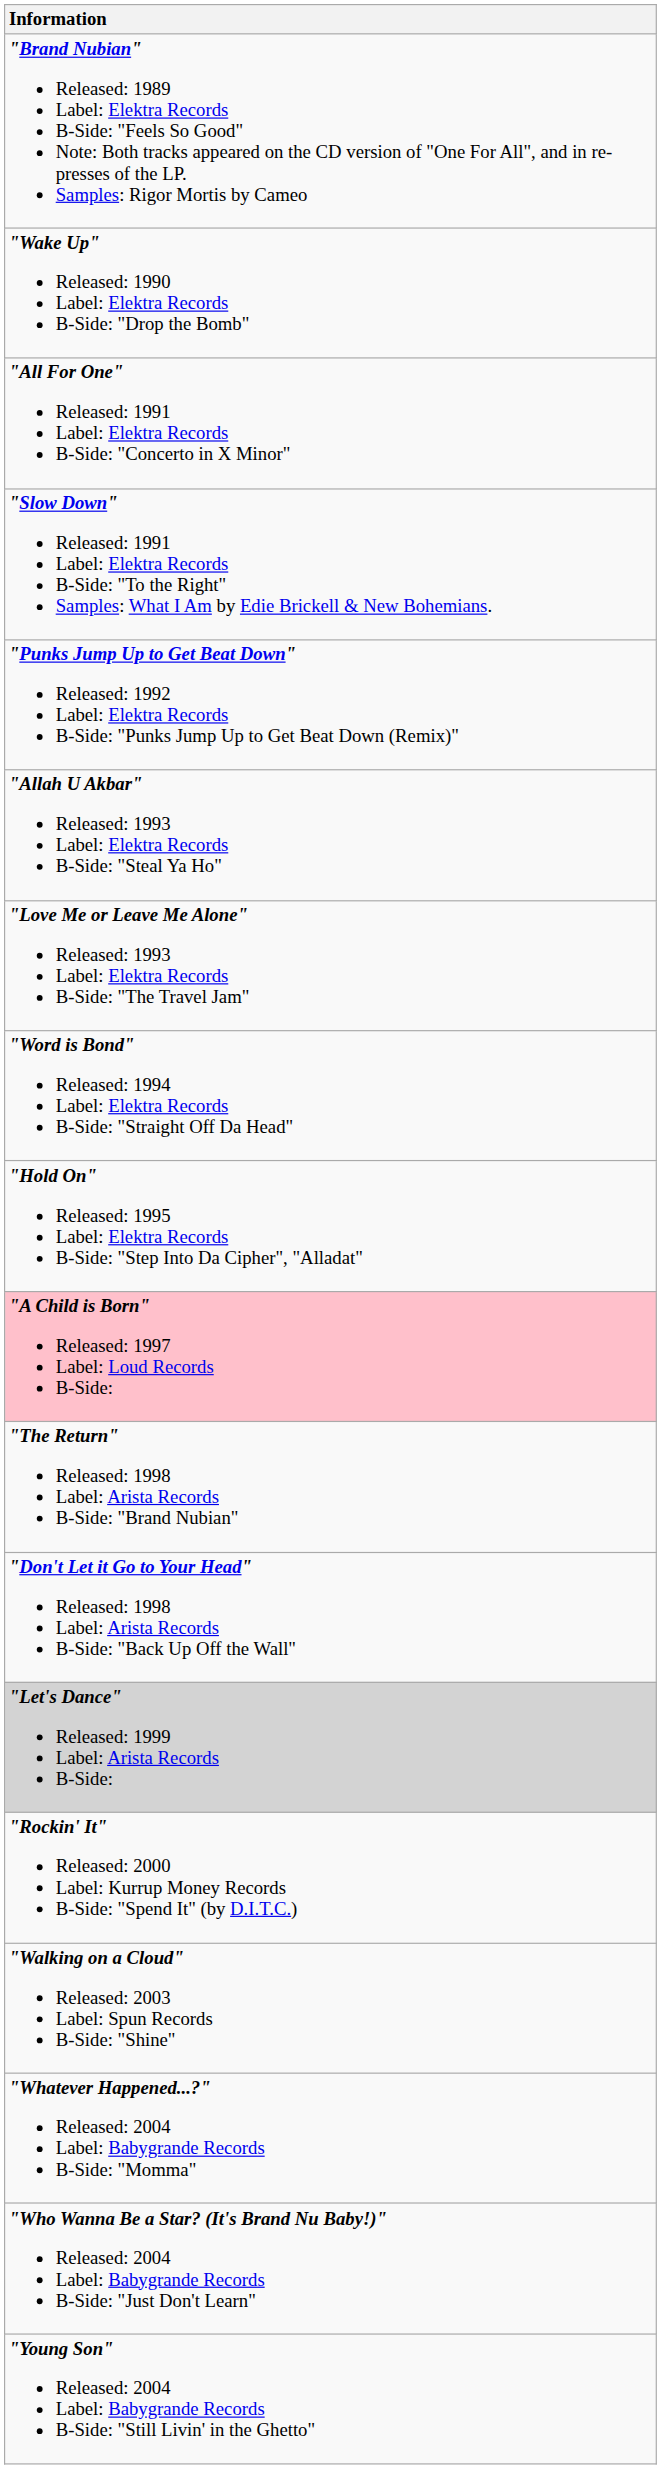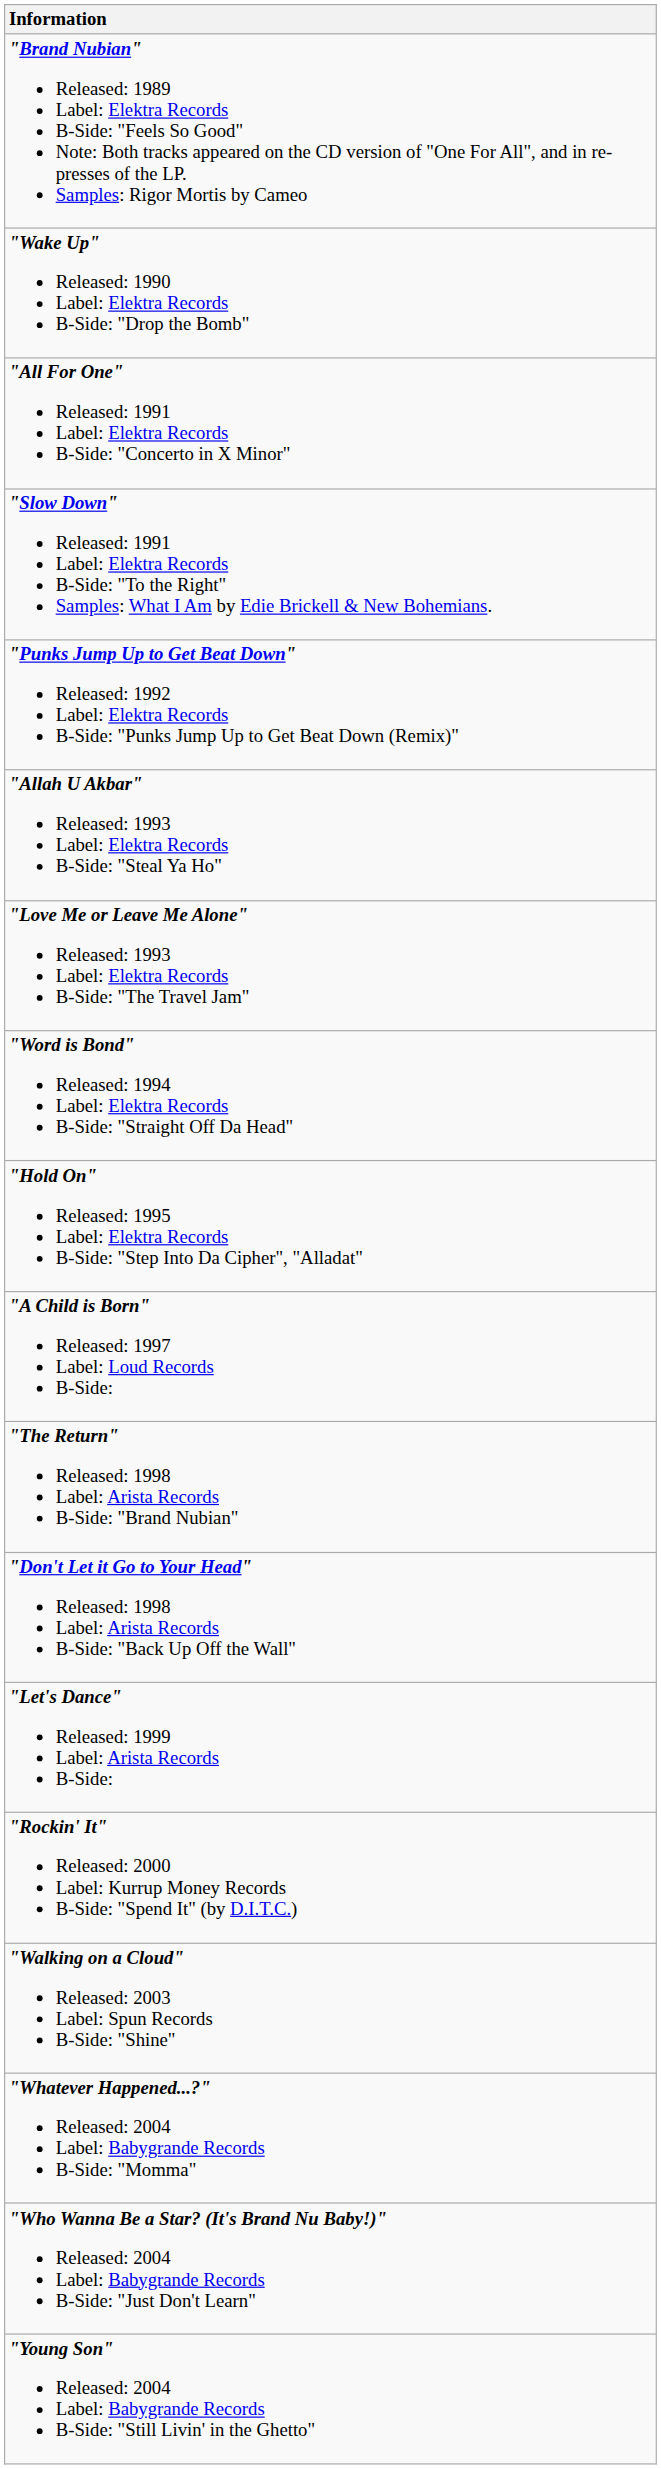 <table class="wikitable">
 <tr>
 <th style="text-align:left; width:550px;">Information</th>
 </tr>
 <tr>
 <td align="left"><strong><em>"<a href='#'>Brand Nubian</a>"</em></strong><br><ul><li>Released: 1989</li><li>Label: <a href='#'>Elektra Records</a></li><li>B-Side: "Feels So Good"</li><li>Note: Both tracks appeared on the CD version of "One For All", and in re-presses of the LP.</li><li><a href='#'>Samples</a>: Rigor Mortis by Cameo</li></ul></td>
 </tr>
 <tr>
 <td align="left"><strong><em>"Wake Up"</em></strong><br><ul><li>Released: 1990</li><li>Label: <a href='#'>Elektra Records</a></li><li>B-Side: "Drop the Bomb"</li></ul></td>
 </tr>
 <tr>
 <td align="left"><strong><em>"All For One"</em></strong><br><ul><li>Released: 1991</li><li>Label: <a href='#'>Elektra Records</a></li><li>B-Side: "Concerto in X Minor"</li></ul></td>
 </tr>
 <tr>
 <td align="left"><strong><em>"<a href='#'>Slow Down</a>"</em></strong><br><ul><li>Released: 1991</li><li>Label: <a href='#'>Elektra Records</a></li><li>B-Side: "To the Right"</li><li><a href='#'>Samples</a>: <a href='#'>What I Am</a> by <a href='#'>Edie Brickell & New Bohemians</a>.</li></ul></td>
 </tr>
 <tr>
 <td align="left"><strong><em>"<a href='#'>Punks Jump Up to Get Beat Down</a>"</em></strong><br><ul><li>Released: 1992</li><li>Label: <a href='#'>Elektra Records</a></li><li>B-Side: "Punks Jump Up to Get Beat Down (Remix)"</li></ul></td>
 </tr>
 <tr>
 <td align="left"><strong><em>"Allah U Akbar"</em></strong><br><ul><li>Released: 1993</li><li>Label: <a href='#'>Elektra Records</a></li><li>B-Side: "Steal Ya Ho"</li></ul></td>
 </tr>
 <tr>
 <td align="left"><strong><em>"Love Me or Leave Me Alone"</em></strong><br><ul><li>Released: 1993</li><li>Label: <a href='#'>Elektra Records</a></li><li>B-Side: "The Travel Jam"</li></ul></td>
 </tr>
 <tr>
 <td align="left"><strong><em>"Word is Bond"</em></strong><br><ul><li>Released: 1994</li><li>Label: <a href='#'>Elektra Records</a></li><li>B-Side: "Straight Off Da Head"</li></ul></td>
 </tr>
 <tr>
 <td align="left"><strong><em>"Hold On"</em></strong><br><ul><li>Released: 1995</li><li>Label: <a href='#'>Elektra Records</a></li><li>B-Side: "Step Into Da Cipher", "Alladat"</li></ul></td>
 </tr>
 <tr>
-<td align="left" style="background: pink;"><strong><em>"A Child is Born"</em></strong><br><ul><li>Released: 1997</li><li>Label: <a href='#'>Loud Records</a></li><li>B-Side:</li></ul></td>
+<td align="left"><strong><em>"A Child is Born"</em></strong><br><ul><li>Released: 1997</li><li>Label: <a href='#'>Loud Records</a></li><li>B-Side:</li></ul></td>
 </tr>
 <tr>
 <td align="left"><strong><em>"The Return"</em></strong><br><ul><li>Released: 1998</li><li>Label: <a href='#'>Arista Records</a></li><li>B-Side: "Brand Nubian"</li></ul></td>
 </tr>
 <tr>
 <td align="left"><strong><em>"<a href='#'>Don't Let it Go to Your Head</a>"</em></strong><br><ul><li>Released: 1998</li><li>Label: <a href='#'>Arista Records</a></li><li>B-Side: "Back Up Off the Wall"</li></ul></td>
 </tr>
 <tr>
-<td align="left" style="background: lightgrey;"><strong><em>"Let's Dance"</em></strong><br><ul><li>Released: 1999</li><li>Label: <a href='#'>Arista Records</a></li><li>B-Side:</li></ul></td>
+<td align="left"><strong><em>"Let's Dance"</em></strong><br><ul><li>Released: 1999</li><li>Label: <a href='#'>Arista Records</a></li><li>B-Side:</li></ul></td>
 </tr>
 <tr>
 <td align="left"><strong><em>"Rockin' It"</em></strong><br><ul><li>Released: 2000</li><li>Label: Kurrup Money Records</li><li>B-Side: "Spend It" (by <a href='#'>D.I.T.C.</a>)</li></ul></td>
 </tr>
 <tr>
 <td align="left"><strong><em>"Walking on a Cloud"</em></strong><br><ul><li>Released: 2003</li><li>Label: Spun Records</li><li>B-Side: "Shine"</li></ul></td>
 </tr>
 <tr>
 <td align="left"><strong><em>"Whatever Happened...?"</em></strong><br><ul><li>Released: 2004</li><li>Label: <a href='#'>Babygrande Records</a></li><li>B-Side: "Momma"</li></ul></td>
 </tr>
 <tr>
 <td align="left"><strong><em>"Who Wanna Be a Star? (It's Brand Nu Baby!)"</em></strong><br><ul><li>Released: 2004</li><li>Label: <a href='#'>Babygrande Records</a></li><li>B-Side: "Just Don't Learn"</li></ul></td>
 </tr>
 <tr>
 <td align="left"><strong><em>"Young Son"</em></strong><br><ul><li>Released: 2004</li><li>Label: <a href='#'>Babygrande Records</a></li><li>B-Side: "Still Livin' in the Ghetto"</li></ul></td>
 </tr>
 </table>
